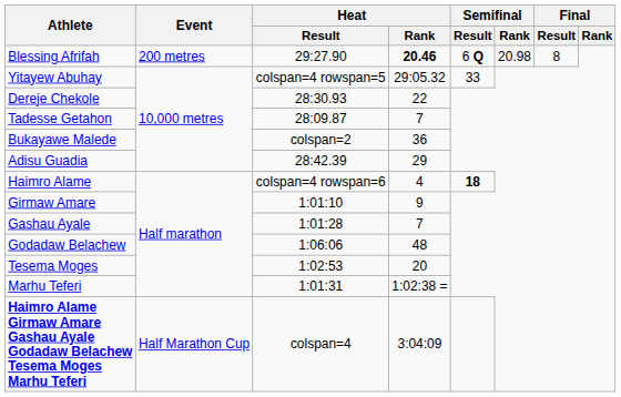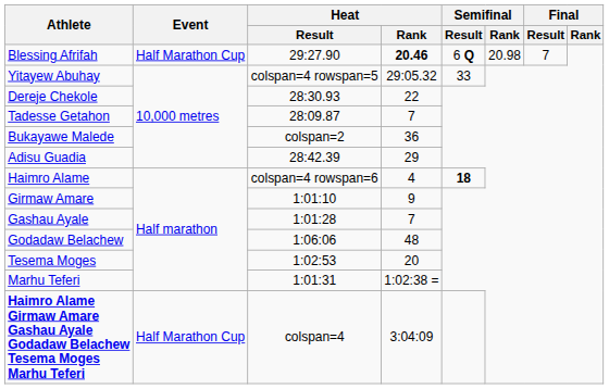 <table class="wikitable" style="font-size:90%; text-align:center;">
 <tr>
 <th rowspan=2>Athlete</th>
 <th rowspan=2>Event</th>
 <th colspan=2>Heat</th>
 <th colspan=2>Semifinal</th>
 <th colspan=2>Final</th>
 </tr>
 <tr style=font-size:95%>
 <th>Result</th>
 <th>Rank</th>
 <th>Result</th>
 <th>Rank</th>
 <th>Result</th>
 <th>Rank</th>
 </tr>
 <tr>
 <td align=left><a href='#'>Blessing Afrifah</a></td>
-<td align=left><a href='#'>200 metres</a></td>
+<td align=left><a href='#'>Half Marathon Cup</a></td>
 <td>29:27.90</td>
 <td><strong>20.46 </strong></td>
 <td>6 <strong>Q</strong></td>
 <td>20.98</td>
-<td>8</td>
+<td>7</td>
 </tr>
 <tr>
 <td align=left><a href='#'>Yitayew Abuhay</a></td>
 <td align=left rowspan=5><a href='#'>10,000 metres</a></td>
 <td>colspan=4 rowspan=5 </td>
 <td>29:05.32</td>
 <td>33</td>
 </tr>
 <tr>
 <td align=left><a href='#'>Dereje Chekole</a></td>
 <td>28:30.93</td>
 <td>22</td>
 </tr>
 <tr>
 <td align=left><a href='#'>Tadesse Getahon</a></td>
 <td>28:09.87</td>
 <td>7</td>
 </tr>
 <tr>
 <td align=left><a href='#'>Bukayawe Malede</a></td>
 <td>colspan=2 </td>
 <td>36</td>
 </tr>
 <tr>
 <td align=left><a href='#'>Adisu Guadia</a></td>
 <td>28:42.39</td>
 <td>29</td>
 </tr>
 <tr>
 <td align=left><a href='#'>Haimro Alame</a></td>
 <td align=left rowspan=6><a href='#'>Half marathon</a></td>
 <td>colspan=4 rowspan=6 </td>
 <td>4</td>
 <td><strong>18</strong></td>
 </tr>
 <tr>
 <td align=left><a href='#'>Girmaw Amare</a></td>
 <td>1:01:10 </td>
 <td>9</td>
 </tr>
 <tr>
 <td align=left><a href='#'>Gashau Ayale</a></td>
 <td>1:01:28 </td>
 <td>7</td>
 </tr>
 <tr>
 <td align=left><a href='#'>Godadaw Belachew</a></td>
 <td>1:06:06 </td>
 <td>48</td>
 </tr>
 <tr>
 <td align=left><a href='#'>Tesema Moges</a></td>
 <td>1:02:53 </td>
 <td>20</td>
 </tr>
 <tr>
 <td align=left><a href='#'>Marhu Teferi</a></td>
 <td>1:01:31 </td>
 <td>1:02:38 =</td>
 </tr>
 <tr>
 <td align=left><strong><a href='#'>Haimro Alame</a><br><a href='#'>Girmaw Amare</a><br><a href='#'>Gashau Ayale</a><br><a href='#'>Godadaw Belachew</a><br><a href='#'>Tesema Moges</a><br><a href='#'>Marhu Teferi</a></strong></td>
 <td align=left><a href='#'>Half Marathon Cup</a></td>
 <td>colspan=4 </td>
 <td>3:04:09</td>
 <td></td>
 </tr>
 </table>
